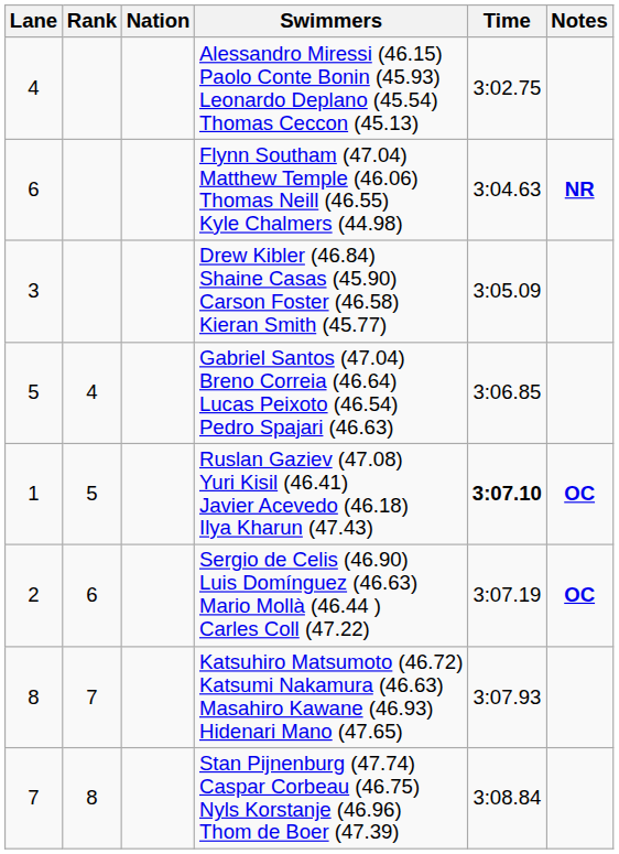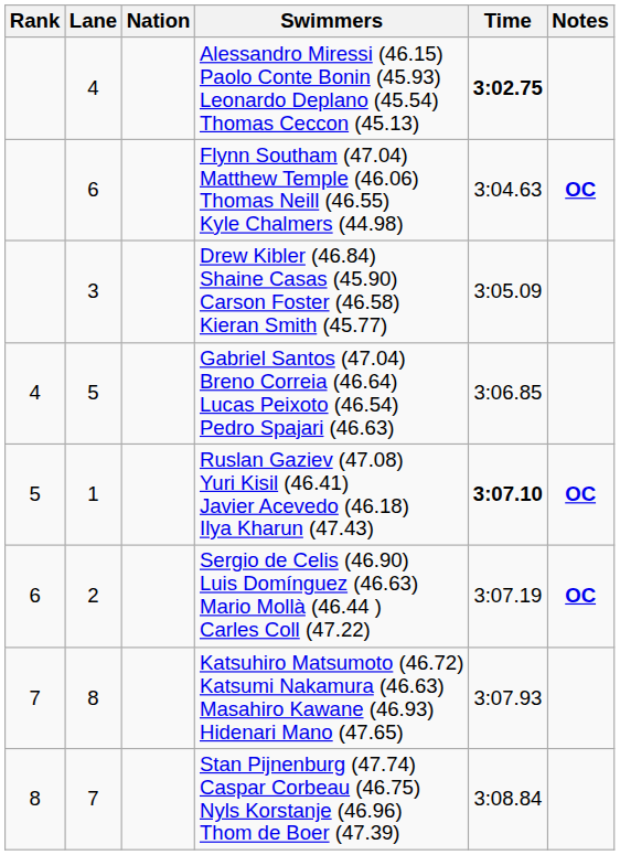 <table class="wikitable sortable" style="text-align:center">
 <tr>
+<th>Rank</th>
 <th>Lane</th>
-<th>Rank</th>
 <th>Nation</th>
 <th>Swimmers</th>
 <th>Time</th>
 <th>Notes</th>
 </tr>
 <tr>
+<td></td>
 <td>4</td>
-<td></td>
 <td align=left></td>
 <td align=left><a href='#'>Alessandro Miressi</a> (46.15)<br><a href='#'>Paolo Conte Bonin</a> (45.93)<br><a href='#'>Leonardo Deplano</a> (45.54)<br><a href='#'>Thomas Ceccon</a> (45.13)</td>
-<td>3:02.75</td>
+<td><strong>3:02.75</strong></td>
 <td></td>
 </tr>
 <tr>
+<td></td>
 <td>6</td>
-<td></td>
 <td align=left></td>
 <td align=left><a href='#'>Flynn Southam</a> (47.04)<br><a href='#'>Matthew Temple</a> (46.06)<br><a href='#'>Thomas Neill</a> (46.55)<br><a href='#'>Kyle Chalmers</a> (44.98)</td>
 <td>3:04.63</td>
-<td><strong><a href='#'>NR</a></strong></td>
+<td><strong><a href='#'>OC</a></strong></td>
 </tr>
 <tr>
+<td></td>
 <td>3</td>
-<td></td>
 <td align=left></td>
 <td align=left><a href='#'>Drew Kibler</a> (46.84)<br><a href='#'>Shaine Casas</a> (45.90)<br><a href='#'>Carson Foster</a> (46.58)<br><a href='#'>Kieran Smith</a> (45.77)</td>
 <td>3:05.09</td>
 <td></td>
 </tr>
 <tr>
+<td>4</td>
 <td>5</td>
-<td>4</td>
 <td align=left></td>
 <td align=left><a href='#'>Gabriel Santos</a> (47.04)<br><a href='#'>Breno Correia</a> (46.64)<br><a href='#'>Lucas Peixoto</a> (46.54)<br><a href='#'>Pedro Spajari</a> (46.63)</td>
 <td>3:06.85</td>
 <td></td>
 </tr>
 <tr>
+<td>5</td>
 <td>1</td>
-<td>5</td>
 <td align=left></td>
 <td align=left><a href='#'>Ruslan Gaziev</a> (47.08)<br><a href='#'>Yuri Kisil</a> (46.41)<br><a href='#'>Javier Acevedo</a> (46.18)<br><a href='#'>Ilya Kharun</a> (47.43)</td>
 <td><strong>3:07.10</strong></td>
 <td><strong><a href='#'>OC</a></strong></td>
 </tr>
 <tr>
+<td>6</td>
 <td>2</td>
-<td>6</td>
 <td align=left></td>
 <td align=left><a href='#'>Sergio de Celis</a> (46.90)<br><a href='#'>Luis Domínguez</a> (46.63)<br><a href='#'>Mario Mollà</a> (46.44 )<br><a href='#'>Carles Coll</a> (47.22)</td>
 <td>3:07.19</td>
 <td><strong><a href='#'>OC</a></strong></td>
 </tr>
 <tr>
+<td>7</td>
 <td>8</td>
-<td>7</td>
 <td align=left></td>
 <td align=left><a href='#'>Katsuhiro Matsumoto</a> (46.72)<br><a href='#'>Katsumi Nakamura</a> (46.63)<br><a href='#'>Masahiro Kawane</a> (46.93)<br><a href='#'>Hidenari Mano</a> (47.65)</td>
 <td>3:07.93</td>
 <td></td>
 </tr>
 <tr>
+<td>8</td>
 <td>7</td>
-<td>8</td>
 <td align=left></td>
 <td align=left><a href='#'>Stan Pijnenburg</a> (47.74)<br><a href='#'>Caspar Corbeau</a> (46.75)<br><a href='#'>Nyls Korstanje</a> (46.96)<br><a href='#'>Thom de Boer</a> (47.39)</td>
 <td>3:08.84</td>
 <td></td>
 </tr>
 </table>
